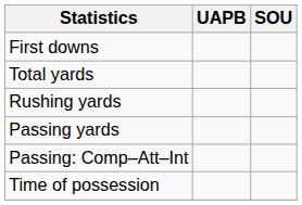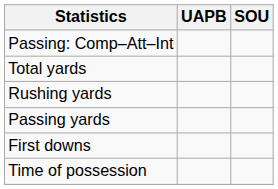 <table class="wikitable" style="float: left;">
 <tr>
 <th>Statistics</th>
 <th>UAPB</th>
 <th>SOU</th>
 </tr>
 <tr>
-<td>First downs</td>
+<td>Passing: Comp–Att–Int</td>
 <td></td>
 <td></td>
 </tr>
 <tr>
 <td>Total yards</td>
 <td></td>
 <td></td>
 </tr>
 <tr>
 <td>Rushing yards</td>
 <td></td>
 <td></td>
 </tr>
 <tr>
 <td>Passing yards</td>
 <td></td>
 <td></td>
 </tr>
 <tr>
-<td>Passing: Comp–Att–Int</td>
+<td>First downs</td>
 <td></td>
 <td></td>
 </tr>
 <tr>
 <td>Time of possession</td>
 <td></td>
 <td></td>
 </tr>
 <tr>
 </tr>
 </table>
